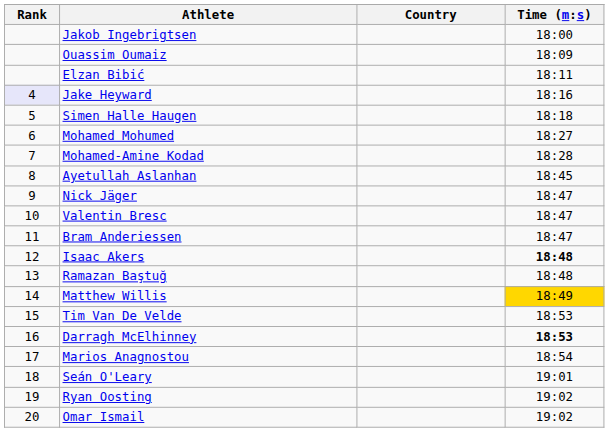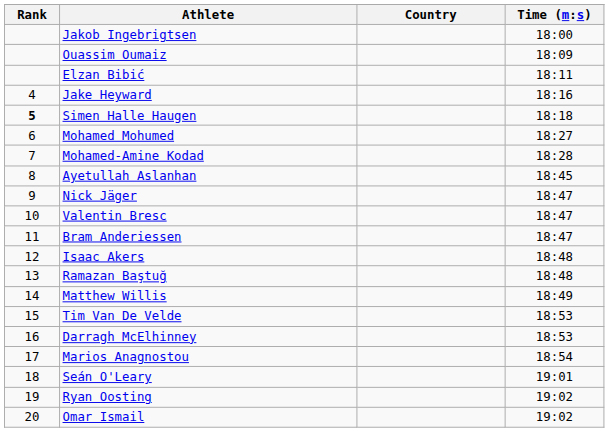 <table class="wikitable" style="text-align:center;" width="50%">
 <tr>
 </tr>
 <tr>
 <th width=5%>Rank</th>
 <th width=30%>Athlete</th>
 <th width=15%>Country</th>
 <th width=10%>Time (<a href='#'>m</a>:<a href='#'>s</a>)</th>
 </tr>
 <tr>
 <td></td>
 <td align=left><a href='#'>Jakob Ingebrigtsen</a></td>
 <td align=left></td>
 <td>18:00</td>
 </tr>
 <tr>
 <td></td>
 <td align=left><a href='#'>Ouassim Oumaiz</a></td>
 <td align=left></td>
 <td>18:09</td>
 </tr>
 <tr>
 <td></td>
 <td align=left><a href='#'>Elzan Bibić</a></td>
 <td align=left></td>
 <td>18:11</td>
 </tr>
 <tr>
-<td style="background: lavender;">4</td>
+<td>4</td>
 <td align=left><a href='#'>Jake Heyward</a></td>
 <td align=left></td>
 <td>18:16</td>
 </tr>
 <tr>
-<td>5</td>
+<td><strong>5</strong></td>
 <td align=left><a href='#'>Simen Halle Haugen</a></td>
 <td align=left></td>
 <td>18:18</td>
 </tr>
 <tr>
 <td>6</td>
 <td align=left><a href='#'>Mohamed Mohumed</a></td>
 <td align=left></td>
 <td>18:27</td>
 </tr>
 <tr>
 <td>7</td>
 <td align=left><a href='#'>Mohamed-Amine Kodad</a></td>
 <td align=left></td>
 <td>18:28</td>
 </tr>
 <tr>
 <td>8</td>
 <td align=left><a href='#'>Ayetullah Aslanhan</a></td>
 <td align=left></td>
 <td>18:45</td>
 </tr>
 <tr>
 <td>9</td>
 <td align=left><a href='#'>Nick Jäger</a></td>
 <td align=left></td>
 <td>18:47</td>
 </tr>
 <tr>
 <td>10</td>
 <td align=left><a href='#'>Valentin Bresc</a></td>
 <td align=left></td>
 <td>18:47</td>
 </tr>
 <tr>
 <td>11</td>
 <td align=left><a href='#'>Bram Anderiessen</a></td>
 <td align=left></td>
 <td>18:47</td>
 </tr>
 <tr>
 <td>12</td>
 <td align=left><a href='#'>Isaac Akers</a></td>
 <td align=left></td>
-<td><strong>18:48</strong></td>
+<td>18:48</td>
 </tr>
 <tr>
 <td>13</td>
 <td align=left><a href='#'>Ramazan Baştuğ</a></td>
 <td align=left></td>
 <td>18:48</td>
 </tr>
 <tr>
 <td>14</td>
 <td align=left><a href='#'>Matthew Willis</a></td>
 <td align=left></td>
-<td style="background: gold;">18:49</td>
+<td>18:49</td>
 </tr>
 <tr>
 <td>15</td>
 <td align=left><a href='#'>Tim Van De Velde</a></td>
 <td align=left></td>
 <td>18:53</td>
 </tr>
 <tr>
 <td>16</td>
 <td align=left><a href='#'>Darragh McElhinney</a></td>
 <td align=left></td>
-<td><strong>18:53</strong></td>
+<td>18:53</td>
 </tr>
 <tr>
 <td>17</td>
 <td align=left><a href='#'>Marios Anagnostou</a></td>
 <td align=left></td>
 <td>18:54</td>
 </tr>
 <tr>
 <td>18</td>
 <td align=left><a href='#'>Seán O'Leary</a></td>
 <td align=left></td>
 <td>19:01</td>
 </tr>
 <tr>
 <td>19</td>
 <td align=left><a href='#'>Ryan Oosting</a></td>
 <td align=left></td>
 <td>19:02</td>
 </tr>
 <tr>
 <td>20</td>
 <td align=left><a href='#'>Omar Ismail</a></td>
 <td align=left></td>
 <td>19:02</td>
 </tr>
 </table>
